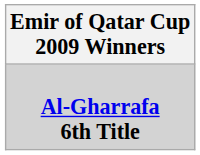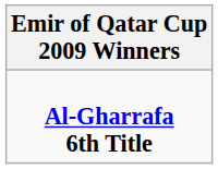 <table class="wikitable" style="text-align: center; margin: 0 auto;">
 <tr>
 <th>Emir of Qatar Cup <br>2009 Winners</th>
 </tr>
 <tr>
-<td style="background: lightgrey;"><br><strong><a href='#'>Al-Gharrafa</a></strong><br><strong>6th Title</strong></td>
+<td><br><strong><a href='#'>Al-Gharrafa</a></strong><br><strong>6th Title</strong></td>
 </tr>
 </table>
